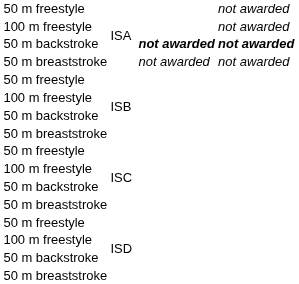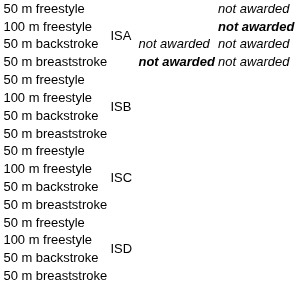 <table>
 <tr>
 <td>50 m freestyle</td>
 <td rowspan=4>ISA</td>
 <td></td>
 <td></td>
 <td><em>not awarded</em></td>
 </tr>
 <tr>
 <td>100 m freestyle</td>
 <td></td>
 <td></td>
-<td><em>not awarded</em></td>
+<td><strong><em>not awarded</em></strong></td>
 </tr>
 <tr>
 <td>50 m backstroke</td>
 <td></td>
-<td><strong><em>not awarded</em></strong></td>
-<td><strong><em>not awarded</em></strong></td>
+<td><em>not awarded</em></td>
+<td><em>not awarded</em></td>
 </tr>
 <tr>
 <td>50 m breaststroke</td>
 <td></td>
-<td><em>not awarded</em></td>
+<td><strong><em>not awarded</em></strong></td>
 <td><em>not awarded</em></td>
 </tr>
 <tr>
 <td>50 m freestyle</td>
 <td rowspan=4>ISB</td>
 <td nowrap></td>
 <td></td>
 <td></td>
 </tr>
 <tr>
 <td>100 m freestyle</td>
 <td></td>
 <td></td>
 <td></td>
 </tr>
 <tr>
 <td>50 m backstroke</td>
 <td></td>
 <td></td>
 <td nowrap></td>
 </tr>
 <tr>
 <td>50 m breaststroke</td>
 <td></td>
 <td></td>
 <td></td>
 </tr>
 <tr>
 <td>50 m freestyle</td>
 <td rowspan=4>ISC</td>
 <td></td>
 <td></td>
 <td></td>
 </tr>
 <tr>
 <td>100 m freestyle</td>
 <td></td>
 <td nowrap></td>
 <td></td>
 </tr>
 <tr>
 <td>50 m backstroke</td>
 <td></td>
 <td></td>
 <td></td>
 </tr>
 <tr>
 <td>50 m breaststroke</td>
 <td></td>
 <td></td>
 <td></td>
 </tr>
 <tr>
 <td>50 m freestyle</td>
 <td rowspan=4>ISD</td>
 <td></td>
 <td></td>
 <td></td>
 </tr>
 <tr>
 <td>100 m freestyle</td>
 <td></td>
 <td></td>
 <td></td>
 </tr>
 <tr>
 <td>50 m backstroke</td>
 <td></td>
 <td></td>
 <td></td>
 </tr>
 <tr>
 <td>50 m breaststroke</td>
 <td></td>
 <td></td>
 <td></td>
 </tr>
 </table>
